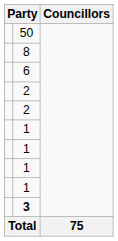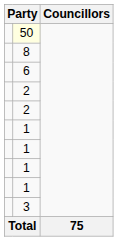 <table class="wikitable">
 <tr>
 <th colspan="2">Party</th>
 <th>Councillors</th>
 </tr>
 <tr>
 <td></td>
-<td align=center>50</td>
+<td align=center style="background: lightyellow;">50</td>
 </tr>
 <tr>
 <td></td>
 <td align=center>8</td>
 </tr>
 <tr>
 <td></td>
 <td align=center>6</td>
 </tr>
 <tr>
 <td></td>
 <td align=center>2</td>
 </tr>
 <tr>
 <td></td>
 <td align=center>2</td>
 </tr>
 <tr>
 <td></td>
 <td align=center>1</td>
 </tr>
 <tr>
 <td></td>
 <td align=center>1</td>
 </tr>
 <tr>
 <td></td>
 <td align=center>1</td>
 </tr>
 <tr>
 <td></td>
 <td align=center>1</td>
 </tr>
 <tr>
 <td></td>
-<td align=center><strong>3</strong></td>
+<td align=center>3</td>
 </tr>
 <tr>
 <th colspan=2>Total</th>
 <th>75</th>
 </tr>
 </table>
